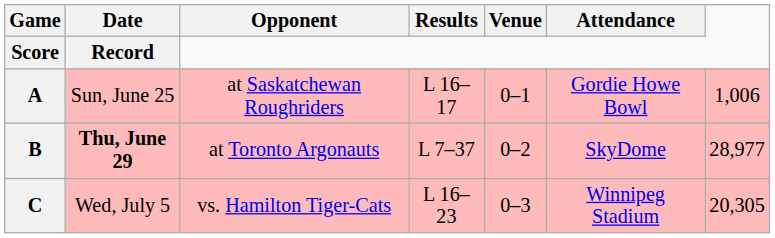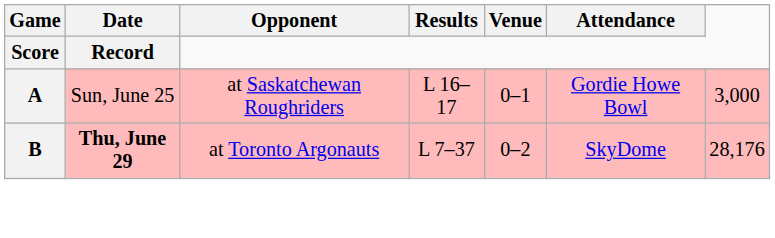 <table class="wikitable" style="text-align:center">
 <tr>
 <th>Game</th>
 <th>Date</th>
 <th>Opponent</th>
 <th>Results</th>
 <th>Venue</th>
 <th>Attendance</th>
 </tr>
 <tr>
 <th>Score</th>
 <th>Record</th>
 </tr>
 <tr style="background:#ffbbbb">
 <th>A</th>
 <td>Sun, June 25</td>
 <td>at <a href='#'>Saskatchewan Roughriders</a></td>
 <td>L 16–17</td>
 <td>0–1</td>
 <td><a href='#'>Gordie Howe Bowl</a></td>
-<td>1,006</td>
+<td>3,000</td>
 </tr>
 <tr style="background:#ffbbbb">
 <th>B</th>
 <td><strong>Thu, June 29</strong></td>
 <td>at <a href='#'>Toronto Argonauts</a></td>
 <td>L 7–37</td>
 <td>0–2</td>
 <td><a href='#'>SkyDome</a></td>
-<td>28,977</td>
-</tr>
-<tr style="background:#ffbbbb">
-<th>C</th>
-<td>Wed, July 5</td>
-<td>vs. <a href='#'>Hamilton Tiger-Cats</a></td>
-<td>L 16–23</td>
-<td>0–3</td>
-<td><a href='#'>Winnipeg Stadium</a></td>
-<td>20,305</td>
+<td>28,176</td>
 </tr>
 </table>
